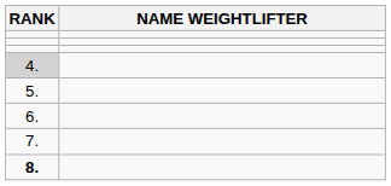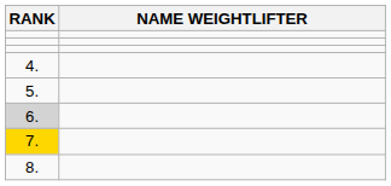 <table class="wikitable" style="font-size:95%;">
 <tr>
 <th>RANK</th>
 <th align="left" style="width: 20em">NAME WEIGHTLIFTER</th>
 </tr>
 <tr>
 <td align="center"></td>
 <td></td>
 </tr>
 <tr>
 <td align="center"></td>
 <td></td>
 </tr>
 <tr>
 <td align="center"></td>
 <td></td>
 </tr>
 <tr>
-<td align="center" style="background: lightgrey;">4.</td>
+<td align="center">4.</td>
 <td></td>
 </tr>
 <tr>
 <td align="center">5.</td>
 <td></td>
 </tr>
 <tr>
-<td align="center">6.</td>
+<td align="center" style="background: lightgrey;">6.</td>
 <td></td>
 </tr>
 <tr>
-<td align="center">7.</td>
+<td align="center" style="background: gold;">7.</td>
 <td></td>
 </tr>
 <tr>
-<td align="center"><strong>8.</strong></td>
+<td align="center">8.</td>
 <td></td>
 </tr>
 </table>
